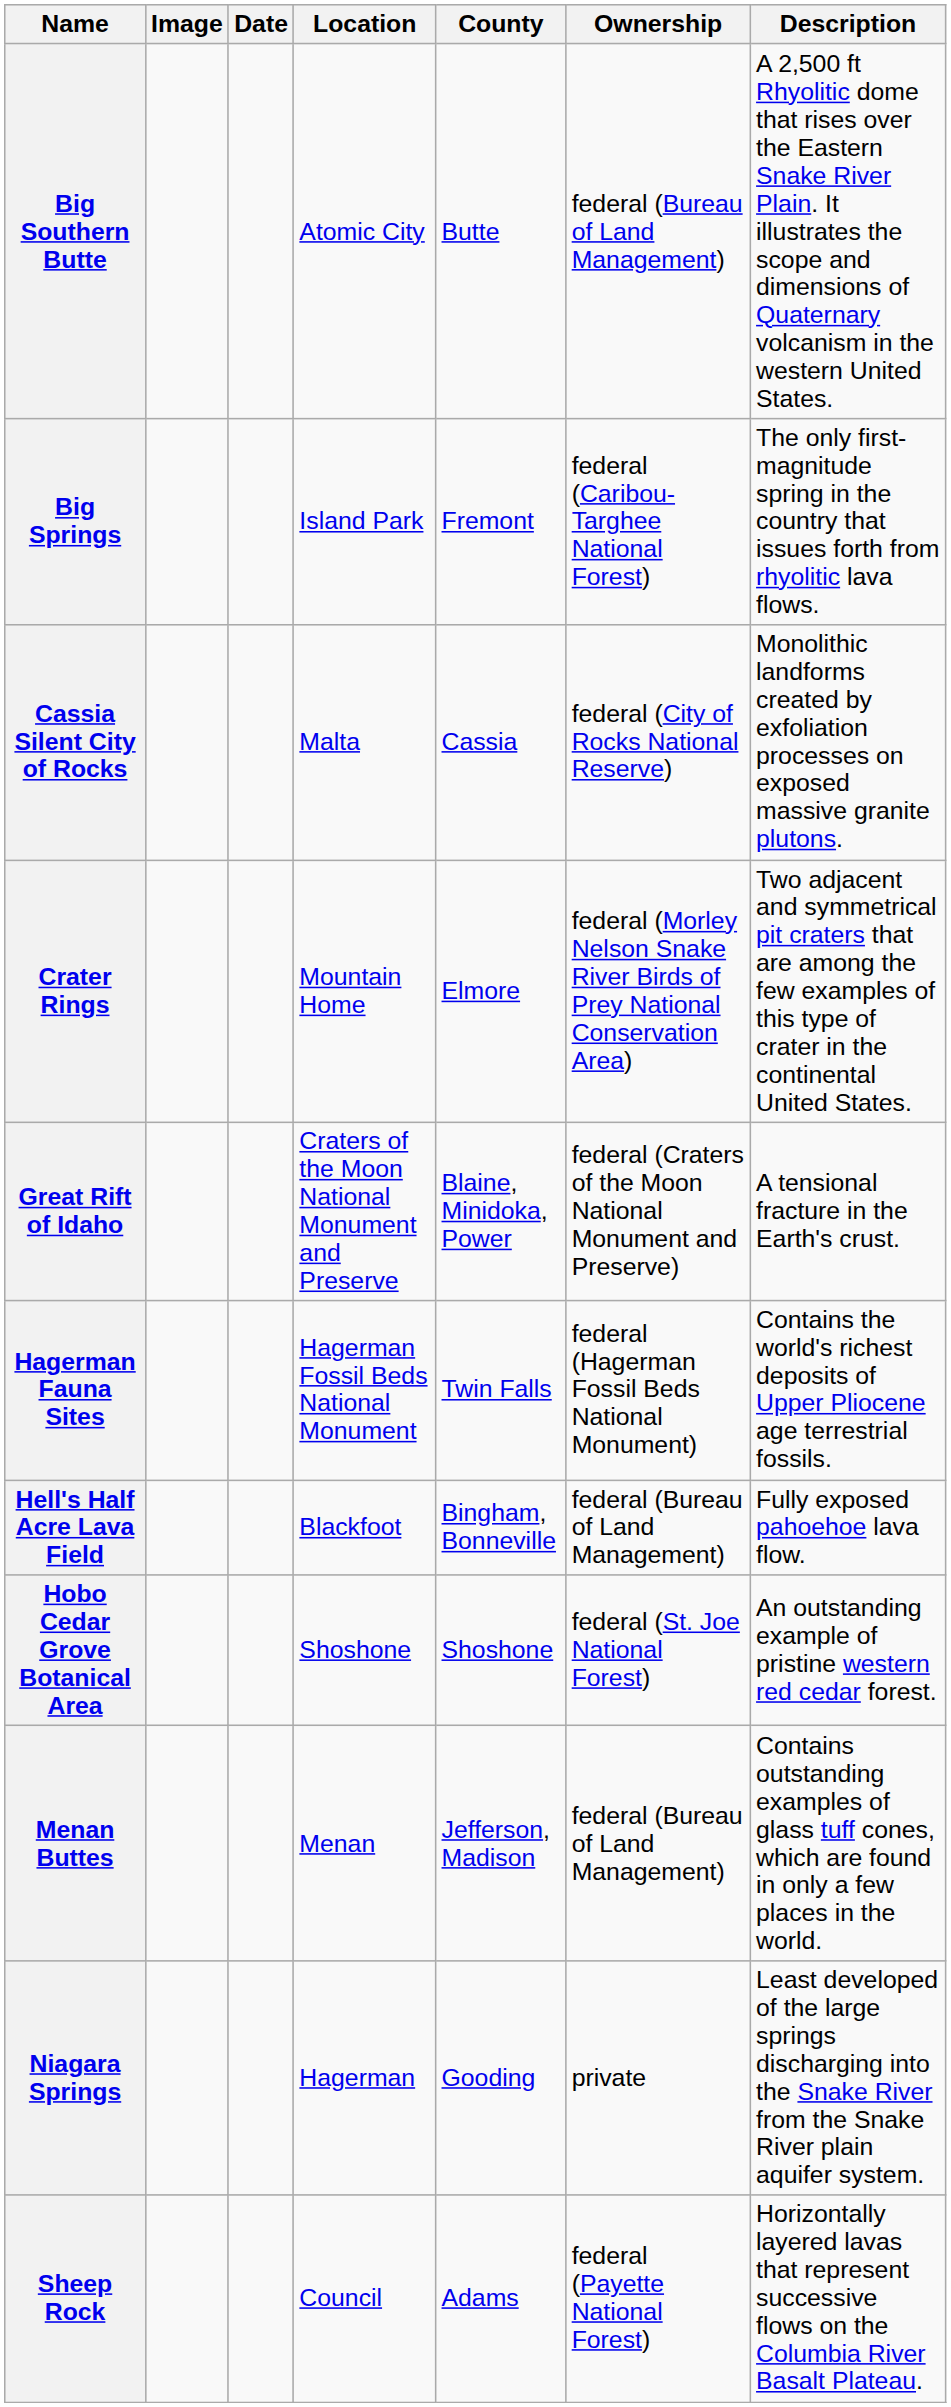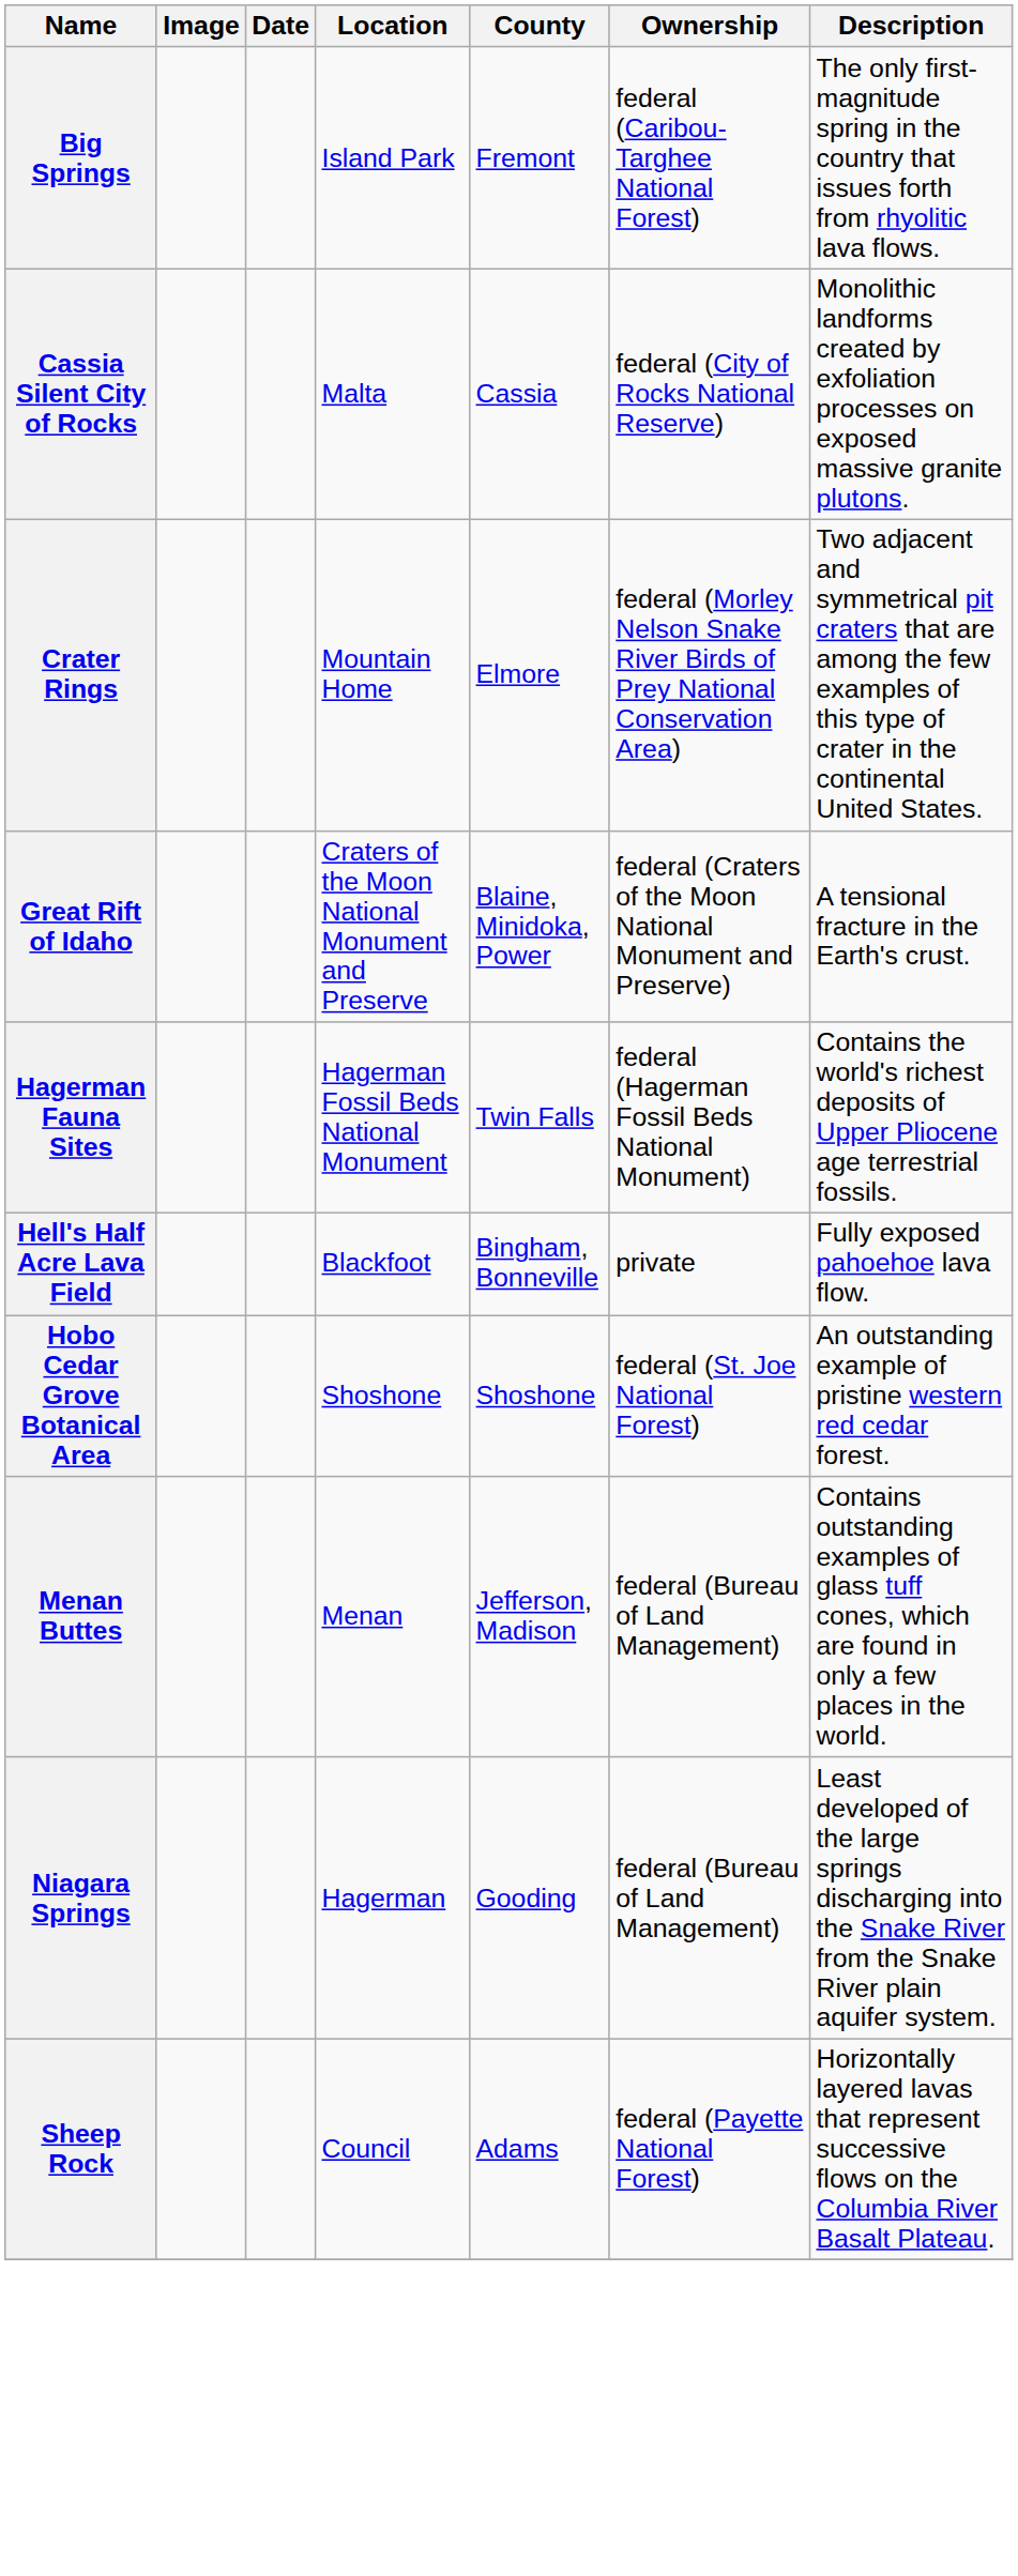 <table class="wikitable sortable" align="center">
 <tr>
 <th style="background-color:">Name</th>
 <th style="background-color:">Image</th>
 <th style="background-color:">Date</th>
 <th style="background-color:">Location</th>
 <th style="background-color:">County</th>
 <th style="background-color:">Ownership</th>
 <th style="background-color:">Description</th>
-</tr>
-<tr>
-<th><a href='#'>Big Southern Butte</a></th>
-<td></td>
-<td></td>
-<td><a href='#'>Atomic City</a><small></small></td>
-<td><a href='#'>Butte</a></td>
-<td>federal (<a href='#'>Bureau of Land Management</a>)</td>
-<td>A 2,500 ft <a href='#'>Rhyolitic</a> dome that rises over the Eastern <a href='#'>Snake River Plain</a>.  It illustrates the scope and dimensions of <a href='#'>Quaternary</a> volcanism in the western United States.</td>
 </tr>
 <tr>
 <th><a href='#'>Big Springs</a></th>
 <td></td>
 <td></td>
 <td><a href='#'>Island Park</a><small></small></td>
 <td><a href='#'>Fremont</a></td>
 <td>federal (<a href='#'>Caribou-Targhee National Forest</a>)</td>
 <td>The only first-magnitude spring in the country that issues forth from <a href='#'>rhyolitic</a> lava flows.</td>
 </tr>
 <tr>
 <th><a href='#'>Cassia Silent City of Rocks</a></th>
 <td></td>
 <td></td>
 <td><a href='#'>Malta</a><small></small></td>
 <td><a href='#'>Cassia</a></td>
 <td>federal (<a href='#'>City of Rocks National Reserve</a>)</td>
 <td>Monolithic landforms created by exfoliation processes on exposed massive granite <a href='#'>plutons</a>.</td>
 </tr>
 <tr>
 <th><a href='#'>Crater Rings</a></th>
 <td></td>
 <td></td>
 <td><a href='#'>Mountain Home</a><small></small></td>
 <td><a href='#'>Elmore</a></td>
 <td>federal (<a href='#'>Morley Nelson Snake River Birds of Prey National Conservation Area</a>)</td>
 <td>Two adjacent and symmetrical <a href='#'>pit craters</a> that are among the few examples of this type of crater in the continental United States.</td>
 </tr>
 <tr>
 <th><a href='#'>Great Rift of Idaho</a></th>
 <td></td>
 <td></td>
 <td><a href='#'>Craters of the Moon National Monument and Preserve</a><small></small></td>
 <td><a href='#'>Blaine</a>, <a href='#'>Minidoka</a>, <a href='#'>Power</a></td>
 <td>federal (Craters of the Moon National Monument and Preserve)</td>
 <td>A tensional fracture in the Earth's crust.</td>
 </tr>
 <tr>
 <th><a href='#'>Hagerman Fauna Sites</a></th>
 <td></td>
 <td></td>
 <td><a href='#'>Hagerman Fossil Beds National Monument</a><small></small></td>
 <td><a href='#'>Twin Falls</a></td>
 <td>federal (Hagerman Fossil Beds National Monument)</td>
 <td>Contains the world's richest deposits of <a href='#'>Upper Pliocene</a> age terrestrial fossils.</td>
 </tr>
 <tr>
 <th><a href='#'>Hell's Half Acre Lava Field</a></th>
 <td></td>
 <td></td>
 <td><a href='#'>Blackfoot</a><small></small></td>
 <td><a href='#'>Bingham</a>,  <a href='#'>Bonneville</a></td>
-<td>federal (Bureau of Land Management)</td>
+<td>private</td>
 <td>Fully exposed <a href='#'>pahoehoe</a> lava flow.</td>
 </tr>
 <tr>
 <th><a href='#'>Hobo Cedar Grove Botanical Area</a></th>
 <td></td>
 <td></td>
 <td><a href='#'>Shoshone</a><small></small></td>
 <td><a href='#'>Shoshone</a></td>
 <td>federal (<a href='#'>St. Joe National Forest</a>)</td>
 <td>An outstanding example of pristine <a href='#'>western red cedar</a> forest.</td>
 </tr>
 <tr>
 <th><a href='#'>Menan Buttes</a></th>
 <td></td>
 <td></td>
 <td><a href='#'>Menan</a><small></small></td>
 <td><a href='#'>Jefferson</a>, <a href='#'>Madison</a></td>
 <td>federal (Bureau of Land Management)</td>
 <td>Contains outstanding examples of glass <a href='#'>tuff</a> cones, which are found in only a few places in the world.</td>
 </tr>
 <tr>
 <th><a href='#'>Niagara Springs</a></th>
 <td></td>
 <td></td>
 <td><a href='#'>Hagerman</a><small></small></td>
 <td><a href='#'>Gooding</a></td>
-<td>private</td>
+<td>federal (Bureau of Land Management)</td>
 <td>Least developed of the large springs discharging into the <a href='#'>Snake River</a> from the Snake River plain aquifer system.</td>
 </tr>
 <tr>
 <th><a href='#'>Sheep Rock</a></th>
 <td></td>
 <td></td>
 <td><a href='#'>Council</a><small></small></td>
 <td><a href='#'>Adams</a></td>
 <td>federal (<a href='#'>Payette National Forest</a>)</td>
 <td>Horizontally layered lavas that represent successive flows on the <a href='#'>Columbia River Basalt Plateau</a>.</td>
 </tr>
 <tr>
 </tr>
 </table>
